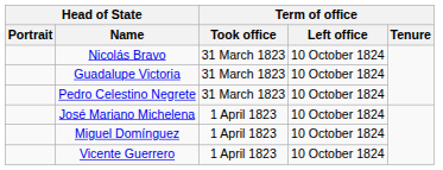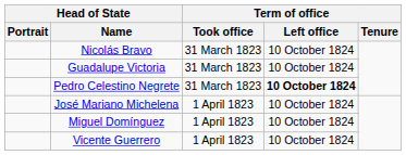 <table class="wikitable" style="text-align:center;">
 <tr>
 <th colspan="2">Head of State</th>
 <th colspan="3">Term of office</th>
 </tr>
 <tr>
 <th>Portrait</th>
 <th>Name</th>
 <th>Took office</th>
 <th>Left office</th>
 <th>Tenure</th>
 </tr>
 <tr>
 <td></td>
 <td><a href='#'>Nicolás Bravo</a></td>
 <td>31 March 1823</td>
 <td>10 October 1824</td>
 <td rowspan="3"></td>
 </tr>
 <tr>
 <td></td>
 <td><a href='#'>Guadalupe Victoria</a></td>
 <td>31 March 1823</td>
 <td>10 October 1824</td>
 </tr>
 <tr>
 <td></td>
 <td><a href='#'>Pedro Celestino Negrete</a></td>
 <td>31 March 1823</td>
-<td>10 October 1824</td>
+<td><strong>10 October 1824</strong></td>
 </tr>
 <tr>
 <td></td>
 <td><a href='#'>José Mariano Michelena</a></td>
 <td>1 April 1823</td>
 <td>10 October 1824</td>
 <td rowspan="3"></td>
 </tr>
 <tr>
 <td></td>
 <td><a href='#'>Miguel Domínguez</a></td>
 <td>1 April 1823</td>
 <td>10 October 1824</td>
 </tr>
 <tr>
 <td></td>
 <td><a href='#'>Vicente Guerrero</a></td>
 <td>1 April 1823</td>
 <td>10 October 1824</td>
 </tr>
 </table>
